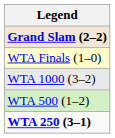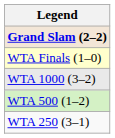 <table class="wikitable" style=font-size:90%>
 <tr>
 <th>Legend</th>
 </tr>
 <tr>
 <td bgcolor=f3e6d7><strong><a href='#'>Grand Slam</a> (2–2)</strong></td>
 </tr>
 <tr>
 <td bgcolor=ffffcc><a href='#'>WTA Finals</a> (1–0)</td>
 </tr>
 <tr>
 <td bgcolor=e9e9e9><a href='#'>WTA 1000</a> (3–2)</td>
 </tr>
 <tr>
 <td bgcolor=d4f1c5><a href='#'>WTA 500</a> (1–2)</td>
 </tr>
 <tr>
-<td><strong><a href='#'>WTA 250</a> (3–1)</strong></td>
+<td><a href='#'>WTA 250</a> (3–1)</td>
 </tr>
 </table>
